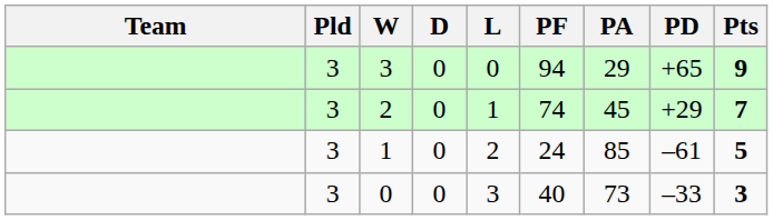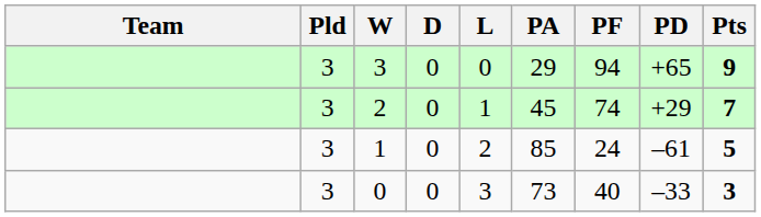 <table class="wikitable" style="text-align:center;">
 <tr>
 <th width=175>Team</th>
 <th width=25 abbr="Played">Pld</th>
 <th width=25 abbr="Won">W</th>
 <th width=25 abbr="Drawn">D</th>
 <th width=25 abbr="Lost">L</th>
+<th width=32 abbr="Points against">PA</th>
 <th width=32 abbr="Points for">PF</th>
-<th width=32 abbr="Points against">PA</th>
 <th width=32 abbr="Points difference">PD</th>
 <th width=25 abbr="Points">Pts</th>
 </tr>
 <tr bgcolor=ccffcc>
 <td align=left></td>
 <td>3</td>
 <td>3</td>
 <td>0</td>
 <td>0</td>
+<td>29</td>
 <td>94</td>
-<td>29</td>
 <td>+65</td>
 <td><strong>9</strong></td>
 </tr>
 <tr bgcolor=ccffcc>
 <td align=left></td>
 <td>3</td>
 <td>2</td>
 <td>0</td>
 <td>1</td>
+<td>45</td>
 <td>74</td>
-<td>45</td>
 <td>+29</td>
 <td><strong>7</strong></td>
 </tr>
 <tr>
 <td align=left></td>
 <td>3</td>
 <td>1</td>
 <td>0</td>
 <td>2</td>
+<td>85</td>
 <td>24</td>
-<td>85</td>
 <td>–61</td>
 <td><strong>5</strong></td>
 </tr>
 <tr>
 <td align=left></td>
 <td>3</td>
 <td>0</td>
 <td>0</td>
 <td>3</td>
+<td>73</td>
 <td>40</td>
-<td>73</td>
 <td>–33</td>
 <td><strong>3</strong></td>
 </tr>
 </table>
